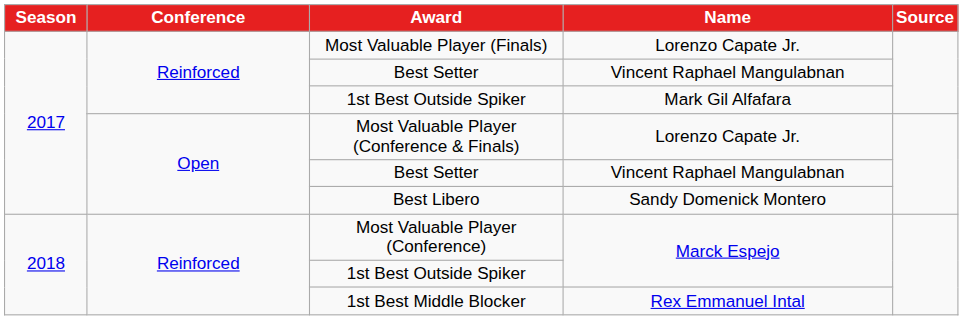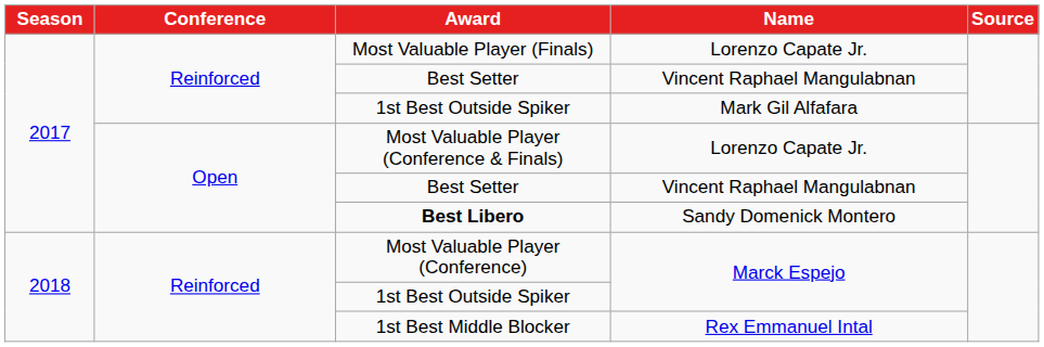 <table class="wikitable">
 <tr>
 <th width=70px style="background: #E62020; color: white; text-align: center"><strong>Season</strong></th>
 <th width=200px style="background: #E62020; color: White"><strong>Conference</strong></th>
 <th width=230px style="background: #E62020; color: White"><strong>Award</strong></th>
 <th width=300px style="background: #E62020; color: White"><strong>Name</strong></th>
 <th width=50px style="background: #E62020; color: White"><strong>Source</strong></th>
 </tr>
 <tr align=center>
 <td rowspan=6><a href='#'>2017</a></td>
 <td rowspan=3><a href='#'>Reinforced</a></td>
 <td>Most Valuable Player (Finals)</td>
 <td>Lorenzo Capate Jr.</td>
 <td rowspan=3></td>
 </tr>
 <tr align=center>
 <td>Best Setter</td>
 <td>Vincent Raphael Mangulabnan</td>
 </tr>
 <tr align=center>
 <td>1st Best Outside Spiker</td>
 <td>Mark Gil Alfafara</td>
 </tr>
 <tr align=center>
 <td rowspan=3><a href='#'>Open</a></td>
 <td>Most Valuable Player <br>(Conference & Finals)</td>
 <td>Lorenzo Capate Jr.</td>
 <td rowspan=3></td>
 </tr>
 <tr align=center>
 <td>Best Setter</td>
 <td>Vincent Raphael Mangulabnan</td>
 </tr>
 <tr align=center>
-<td>Best Libero</td>
+<td><strong>Best Libero</strong></td>
 <td>Sandy Domenick Montero</td>
 </tr>
 <tr align=center>
 <td rowspan=3><a href='#'>2018</a></td>
 <td rowspan=3><a href='#'>Reinforced</a></td>
 <td>Most Valuable Player (Conference)</td>
 <td rowspan=2><a href='#'>Marck Espejo</a></td>
 <td rowspan=3></td>
 </tr>
 <tr align=center>
 <td>1st Best Outside Spiker</td>
 </tr>
 <tr align=center>
 <td>1st Best Middle Blocker</td>
 <td><a href='#'>Rex Emmanuel Intal</a></td>
 </tr>
 </table>
